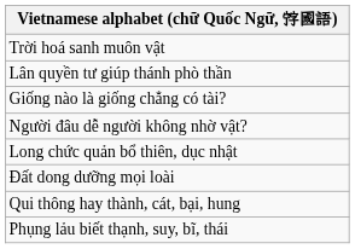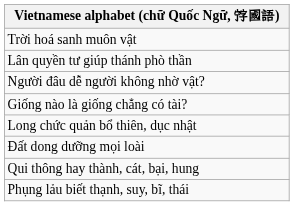 <table class="wikitable">
 <tr>
 <th>Vietnamese alphabet (chữ Quốc Ngữ, 𡨸國語)　</th>
 </tr>
 <tr>
 <td>Trời hoá sanh muôn vật</td>
 </tr>
 <tr>
 <td>Lân quyền tư giúp thánh phò thần</td>
 </tr>
 <tr>
-<td>Giống nào là giống chẳng có tài?</td>
+<td>Người đâu dễ người không nhờ vật?</td>
 </tr>
 <tr>
-<td>Người đâu dễ người không nhờ vật?</td>
+<td>Giống nào là giống chẳng có tài?</td>
 </tr>
 <tr>
 <td>Long chức quản bổ thiên, dục nhật</td>
 </tr>
 <tr>
 <td>Đất dong dưỡng mọi loài</td>
 </tr>
 <tr>
 <td>Qui thông hay thành, cát, bại, hung</td>
 </tr>
 <tr>
 <td>Phụng lảu biết thạnh, suy, bĩ, thái</td>
 </tr>
 </table>
